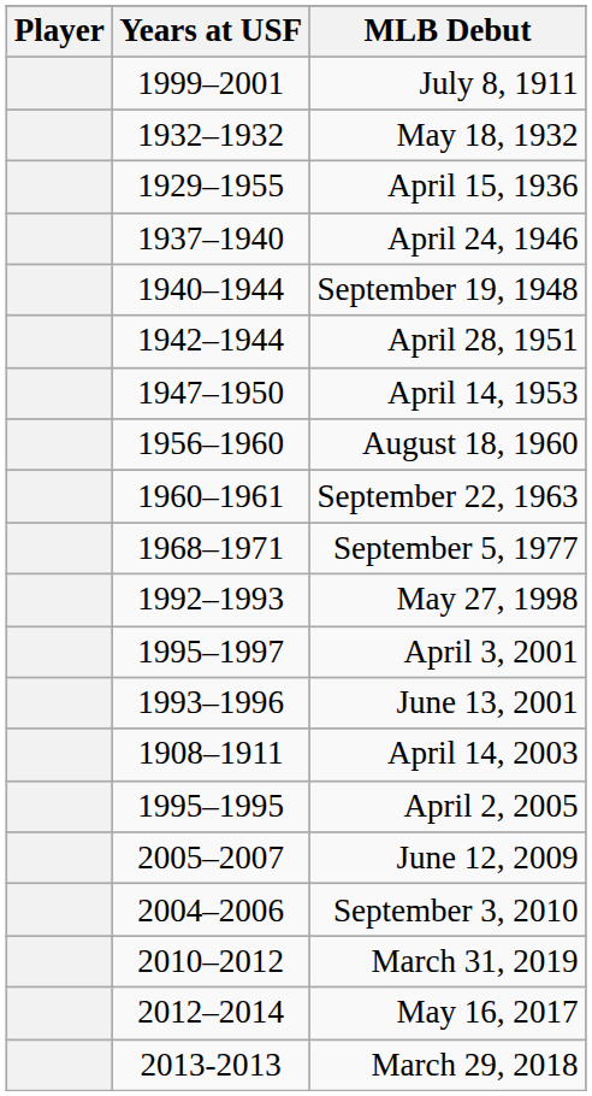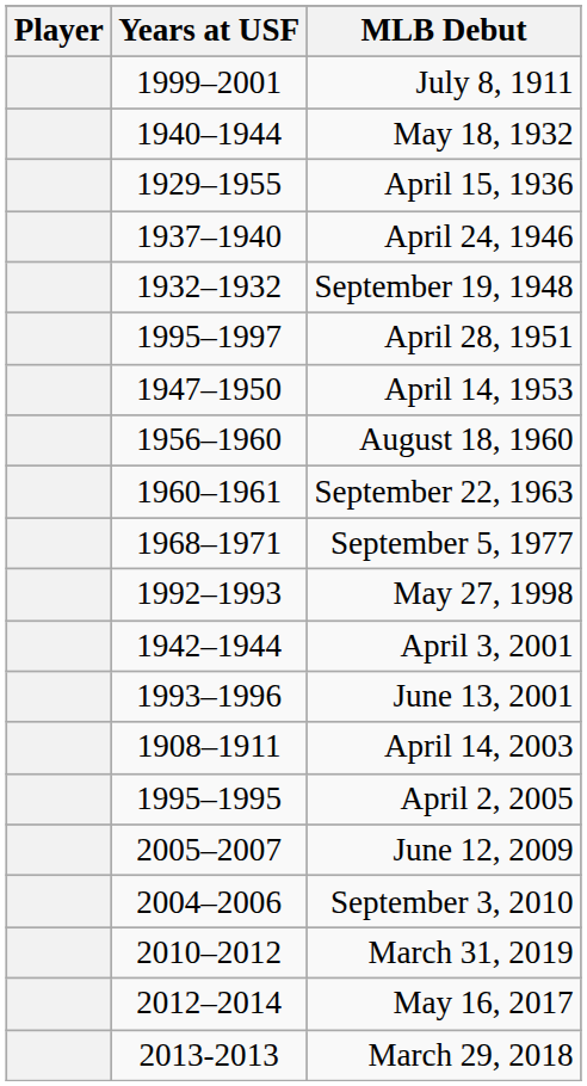 <table class="wikitable sortable plainrowheaders" style="margin:1em auto;">
 <tr>
 </tr>
 <tr>
 <th width=px>Player</th>
 <th width=px>Years at USF</th>
 <th width=px>MLB Debut</th>
 </tr>
 <tr>
 <th scope="row"></th>
 <td style="text-align:center;">1999–2001</td>
 <td style="text-align:right;">July 8, 1911</td>
 </tr>
 <tr>
 <th scope="row"></th>
-<td style="text-align:center;">1932–1932</td>
+<td style="text-align:center;">1940–1944</td>
 <td style="text-align:right;">May 18, 1932</td>
 </tr>
 <tr>
 <th scope="row"></th>
 <td style="text-align:center;">1929–1955</td>
 <td style="text-align:right;">April 15, 1936</td>
 </tr>
 <tr>
 <th scope="row"></th>
 <td style="text-align:center;">1937–1940</td>
 <td style="text-align:right;">April 24, 1946</td>
 </tr>
 <tr>
 <th scope="row"></th>
-<td style="text-align:center;">1940–1944</td>
+<td style="text-align:center;">1932–1932</td>
 <td style="text-align:right;">September 19, 1948</td>
 </tr>
 <tr>
 <th scope="row"></th>
-<td style="text-align:center;">1942–1944</td>
+<td style="text-align:center;">1995–1997</td>
 <td style="text-align:right;">April 28, 1951</td>
 </tr>
 <tr>
 <th scope="row"></th>
 <td style="text-align:center;">1947–1950</td>
 <td style="text-align:right;">April 14, 1953</td>
 </tr>
 <tr>
 <th scope="row"></th>
 <td style="text-align:center;">1956–1960</td>
 <td style="text-align:right;">August 18, 1960</td>
 </tr>
 <tr>
 <th scope="row"></th>
 <td style="text-align:center;">1960–1961</td>
 <td style="text-align:right;">September 22, 1963</td>
 </tr>
 <tr>
 <th scope="row"></th>
 <td style="text-align:center;">1968–1971</td>
 <td style="text-align:right;">September 5, 1977</td>
 </tr>
 <tr>
 <th scope="row"></th>
 <td style="text-align:center;">1992–1993</td>
 <td style="text-align:right;">May 27, 1998</td>
 </tr>
 <tr>
 <th scope="row"></th>
-<td style="text-align:center;">1995–1997</td>
+<td style="text-align:center;">1942–1944</td>
 <td style="text-align:right;">April 3, 2001</td>
 </tr>
 <tr>
 <th scope="row"></th>
 <td style="text-align:center;">1993–1996</td>
 <td style="text-align:right;">June 13, 2001</td>
 </tr>
 <tr>
 <th scope="row"></th>
 <td style="text-align:center;">1908–1911</td>
 <td style="text-align:right;">April 14, 2003</td>
 </tr>
 <tr>
 <th scope="row"></th>
 <td style="text-align:center;">1995–1995</td>
 <td style="text-align:right;">April 2, 2005</td>
 </tr>
 <tr>
 <th scope="row"></th>
 <td style="text-align:center;">2005–2007</td>
 <td style="text-align:right;">June 12, 2009</td>
 </tr>
 <tr>
 <th scope="row"></th>
 <td style="text-align:center;">2004–2006</td>
 <td style="text-align:right;">September 3, 2010</td>
 </tr>
 <tr>
 <th scope="row"></th>
 <td style="text-align:center;">2010–2012</td>
 <td style="text-align:right;">March 31, 2019</td>
 </tr>
 <tr>
 <th scope="row"></th>
 <td style="text-align:center;">2012–2014</td>
 <td style="text-align:right;">May 16, 2017</td>
 </tr>
 <tr>
 <th scope="row"></th>
 <td style="text-align:center;">2013-2013</td>
 <td style="text-align:right;">March 29, 2018</td>
 </tr>
 </table>
